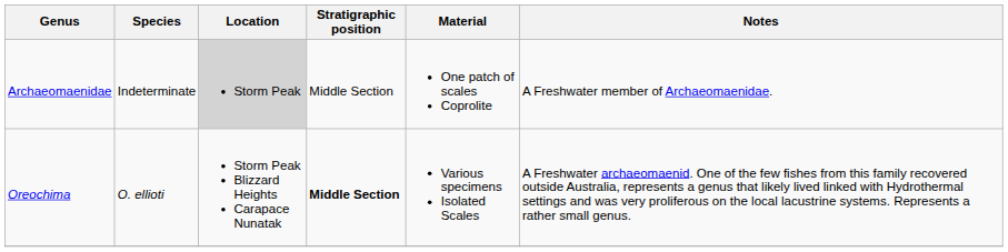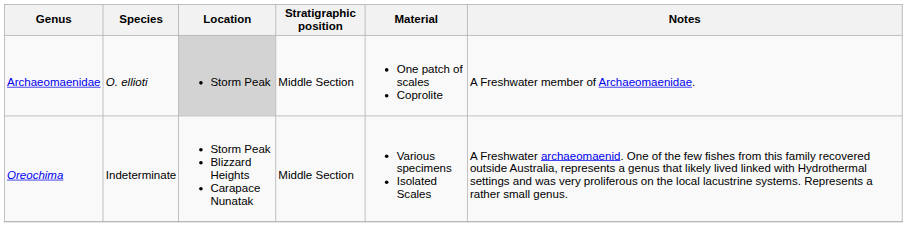 <table class="wikitable sortable">
 <tr>
 <th>Genus</th>
 <th>Species</th>
 <th>Location</th>
 <th>Stratigraphic position</th>
 <th>Material</th>
 <th>Notes</th>
 </tr>
 <tr>
 <td><br><a href='#'>Archaeomaenidae</a></td>
-<td><br>Indeterminate</td>
+<td><br><em>O. ellioti</em></td>
 <td style="background: lightgrey;"><br><ul><li>Storm Peak</li></ul></td>
 <td><br>Middle Section</td>
 <td><br><ul><li>One patch of scales</li><li>Coprolite</li></ul></td>
 <td><br>A Freshwater member of <a href='#'>Archaeomaenidae</a>.</td>
 </tr>
 <tr>
 <td><br><em><a href='#'>Oreochima</a></em></td>
-<td><br><em>O. ellioti</em></td>
+<td><br>Indeterminate</td>
 <td><br><ul><li>Storm Peak</li><li>Blizzard Heights</li><li>Carapace Nunatak</li></ul></td>
-<td><strong><br>Middle Section</strong></td>
+<td><br>Middle Section</td>
 <td><br><ul><li>Various specimens</li><li>Isolated Scales</li></ul></td>
 <td><br>A Freshwater <a href='#'>archaeomaenid</a>. One of the few fishes from this family recovered outside Australia, represents a genus that likely lived linked with Hydrothermal settings and was very proliferous on the local lacustrine systems. Represents a rather small genus.</td>
 </tr>
 <tr>
 </tr>
 </table>
